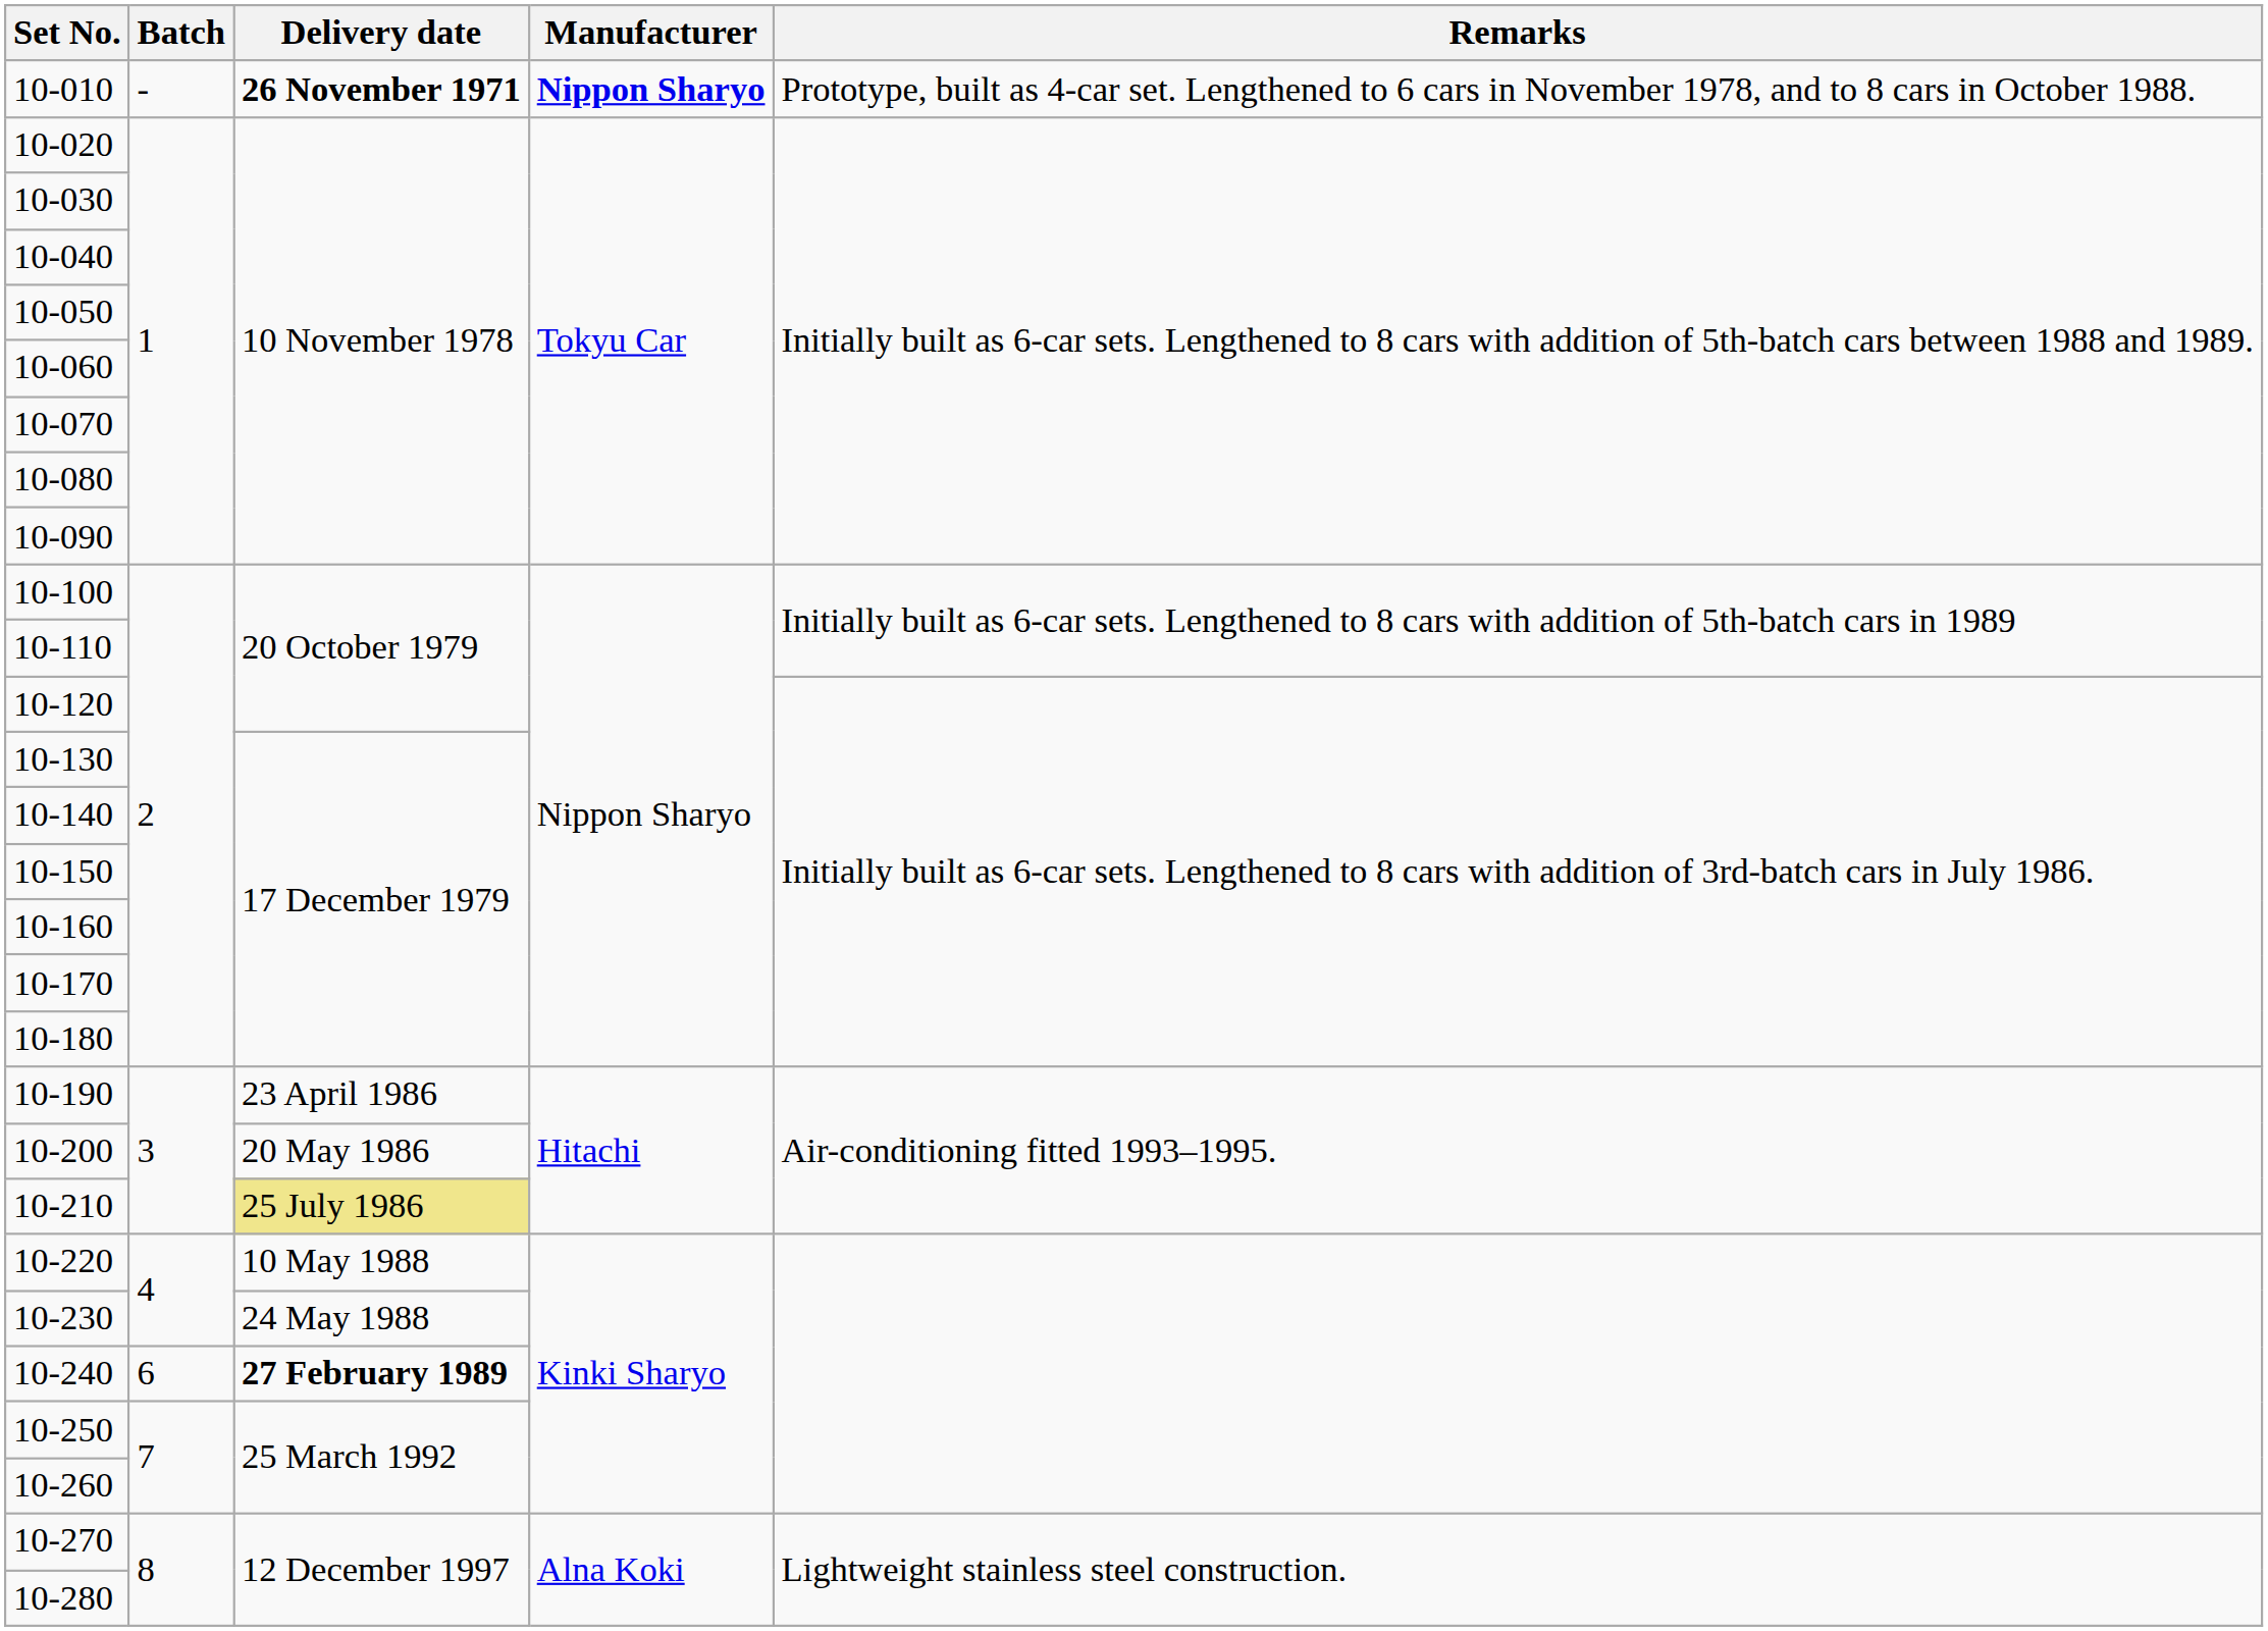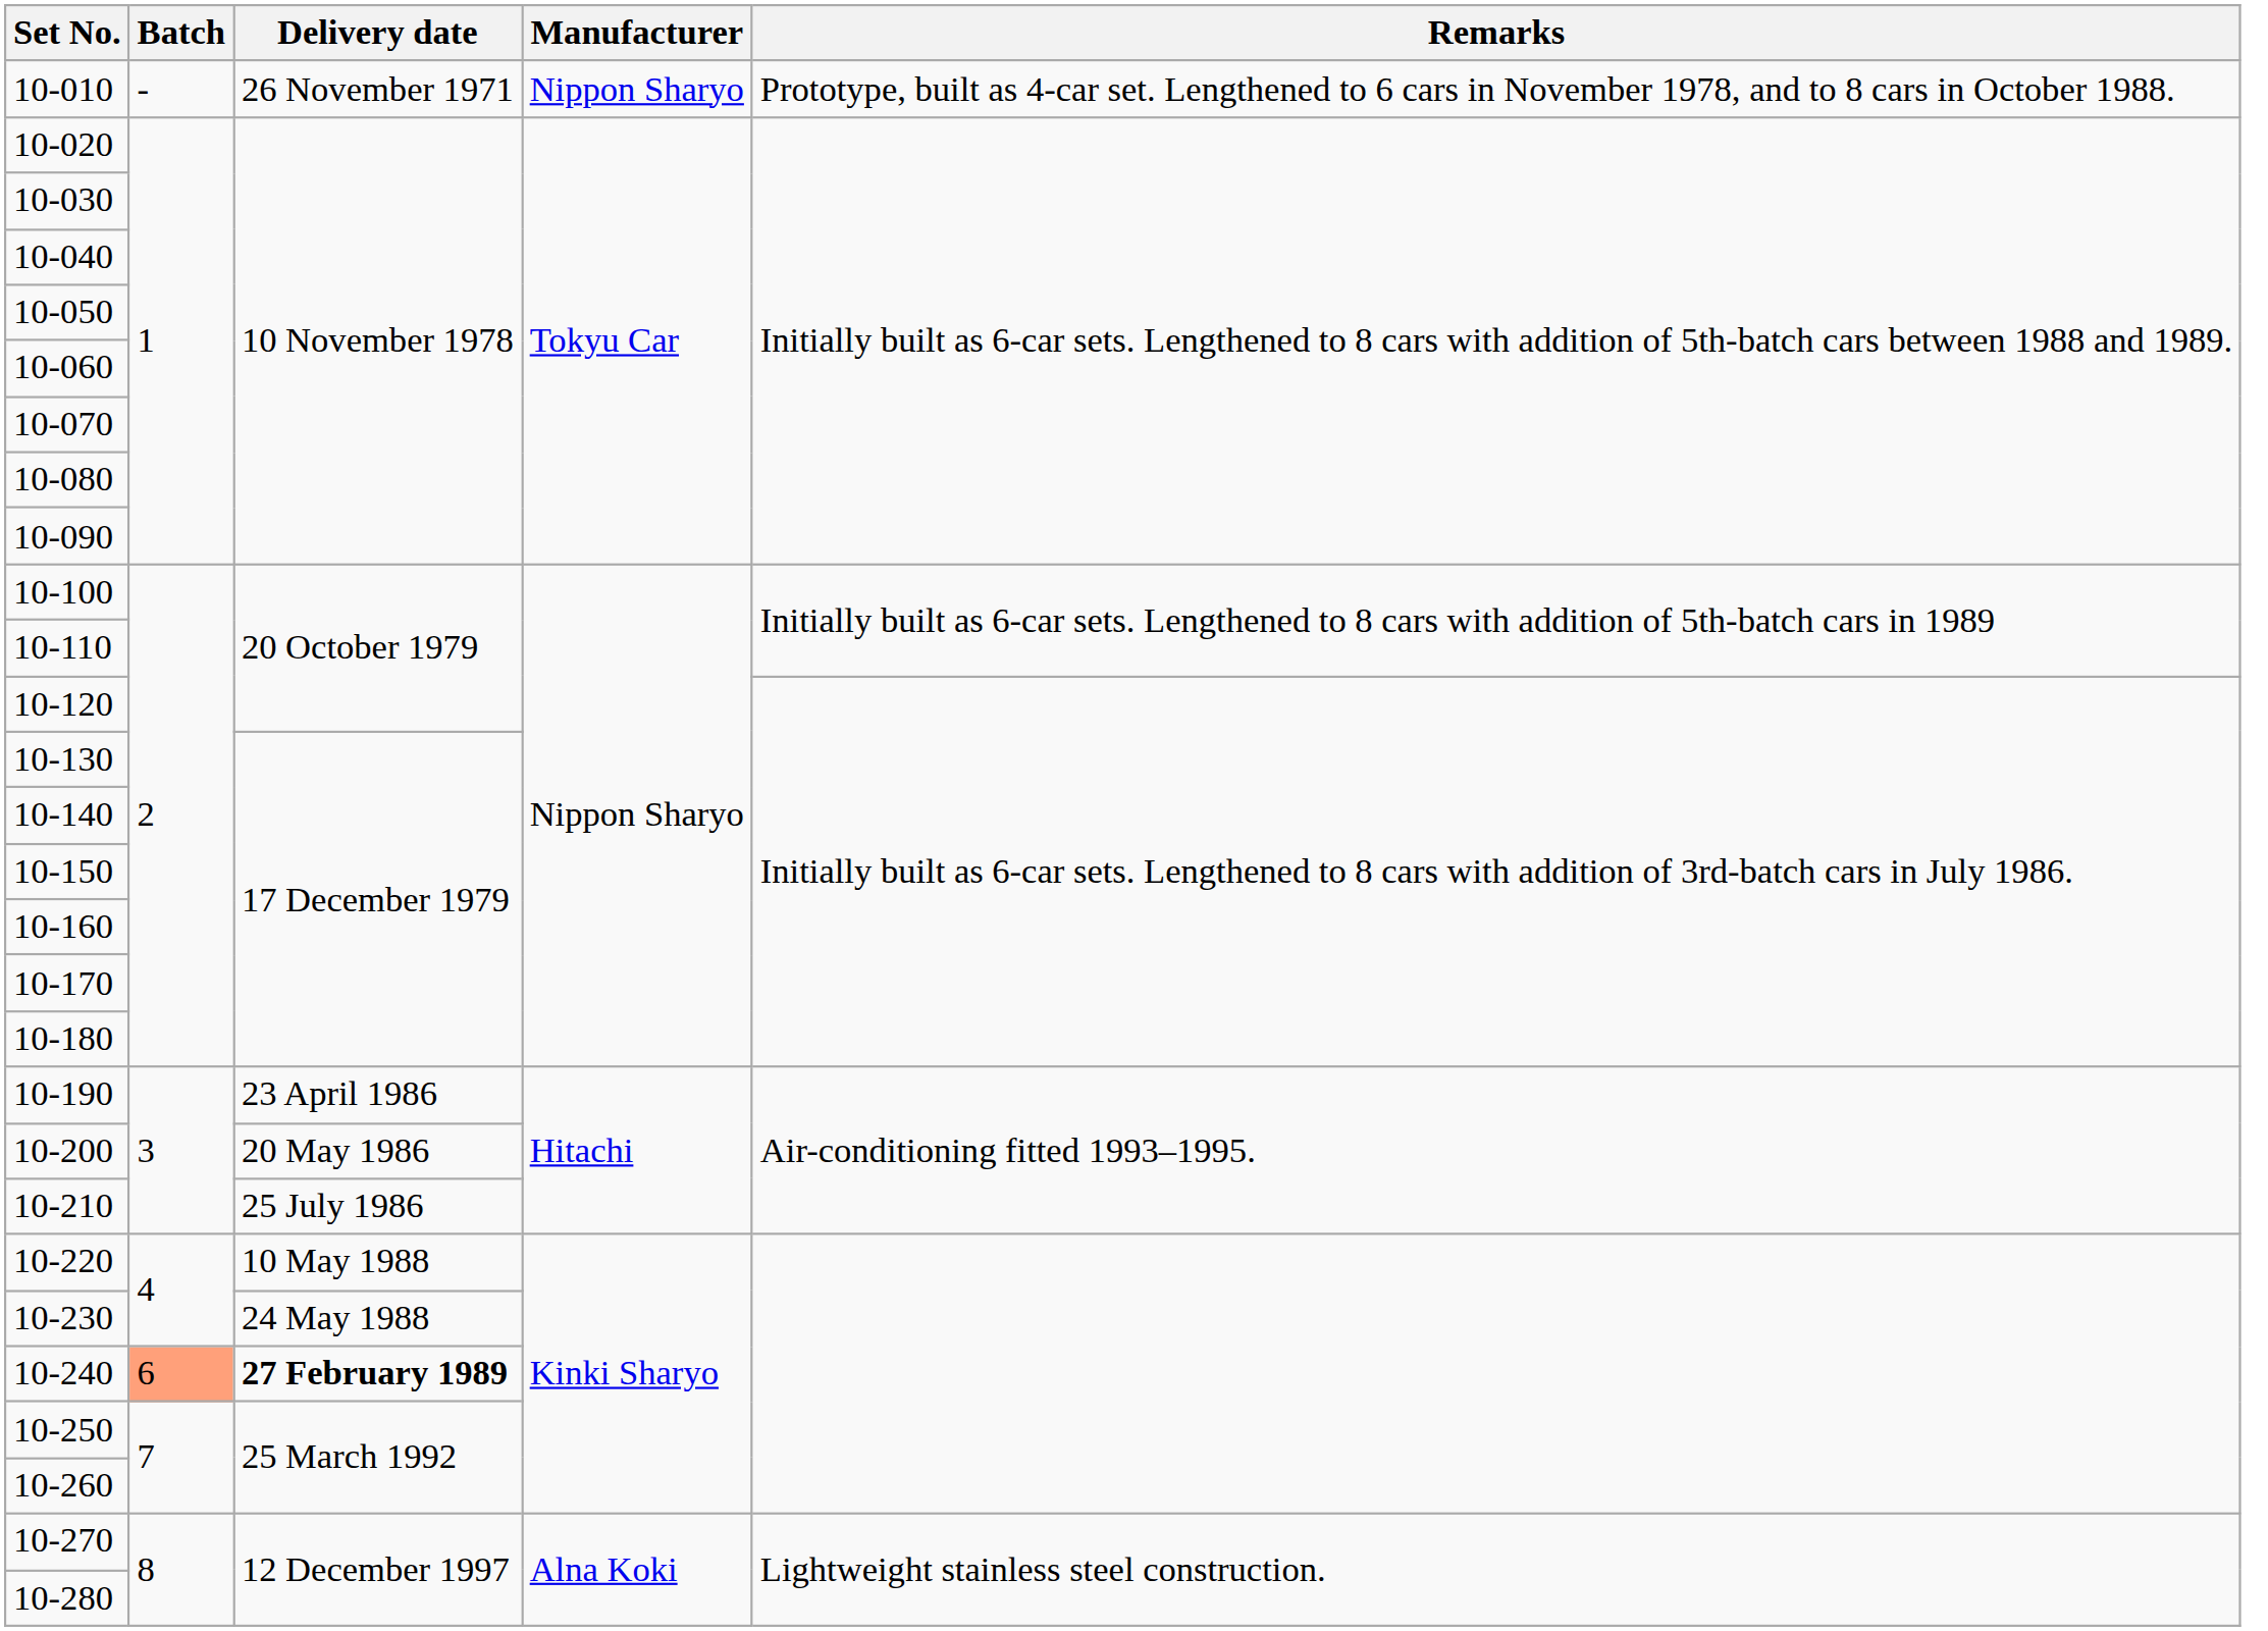 <table class="wikitable">
 <tr>
 <th>Set No.</th>
 <th>Batch</th>
 <th>Delivery date</th>
 <th>Manufacturer</th>
 <th>Remarks</th>
 </tr>
 <tr>
 <td>10-010</td>
 <td>-</td>
-<td><strong>26 November 1971</strong></td>
-<td><strong><a href='#'>Nippon Sharyo</a></strong></td>
+<td>26 November 1971</td>
+<td><a href='#'>Nippon Sharyo</a></td>
 <td>Prototype, built as 4-car set. Lengthened to 6 cars in November 1978, and to 8 cars in October 1988.</td>
 </tr>
 <tr>
 <td>10-020</td>
 <td rowspan=8>1</td>
 <td rowspan="8">10 November 1978</td>
 <td rowspan="8"><a href='#'>Tokyu Car</a></td>
 <td rowspan=8>Initially built as 6-car sets. Lengthened to 8 cars with addition of 5th-batch cars between 1988 and 1989.</td>
 </tr>
 <tr>
 <td>10-030</td>
 </tr>
 <tr>
 <td>10-040</td>
 </tr>
 <tr>
 <td>10-050</td>
 </tr>
 <tr>
 <td>10-060</td>
 </tr>
 <tr>
 <td>10-070</td>
 </tr>
 <tr>
 <td>10-080</td>
 </tr>
 <tr>
 <td>10-090</td>
 </tr>
 <tr>
 <td>10-100</td>
 <td rowspan=9>2</td>
 <td rowspan="3">20 October 1979</td>
 <td rowspan="9">Nippon Sharyo</td>
 <td rowspan=2>Initially built as 6-car sets. Lengthened to 8 cars with addition of 5th-batch cars in 1989</td>
 </tr>
 <tr>
 <td>10-110</td>
 </tr>
 <tr>
 <td>10-120</td>
 <td rowspan="7">Initially built as 6-car sets. Lengthened to 8 cars with addition of 3rd-batch cars in July 1986.</td>
 </tr>
 <tr>
 <td>10-130</td>
 <td rowspan="6">17 December 1979</td>
 </tr>
 <tr>
 <td>10-140</td>
 </tr>
 <tr>
 <td>10-150</td>
 </tr>
 <tr>
 <td>10-160</td>
 </tr>
 <tr>
 <td>10-170</td>
 </tr>
 <tr>
 <td>10-180</td>
 </tr>
 <tr>
 <td>10-190</td>
 <td rowspan=3>3</td>
 <td>23 April 1986</td>
 <td rowspan="3"><a href='#'>Hitachi</a></td>
 <td rowspan=3>Air-conditioning fitted 1993–1995.</td>
 </tr>
 <tr>
 <td>10-200</td>
 <td>20 May 1986</td>
 </tr>
 <tr>
 <td>10-210</td>
-<td style="background: khaki;">25 July 1986</td>
+<td>25 July 1986</td>
 </tr>
 <tr>
 <td>10-220</td>
 <td rowspan=2>4</td>
 <td>10 May 1988</td>
 <td rowspan="5"><a href='#'>Kinki Sharyo</a></td>
 <td rowspan="5"></td>
 </tr>
 <tr>
 <td>10-230</td>
 <td>24 May 1988</td>
 </tr>
 <tr>
 <td>10-240</td>
-<td>6</td>
+<td style="background: lightsalmon;">6</td>
 <td><strong>27 February 1989</strong></td>
 </tr>
 <tr>
 <td>10-250</td>
 <td rowspan=2>7</td>
 <td rowspan="2">25 March 1992</td>
 </tr>
 <tr>
 <td>10-260</td>
 </tr>
 <tr>
 <td>10-270</td>
 <td rowspan=2>8</td>
 <td rowspan="2">12 December 1997</td>
 <td rowspan="2"><a href='#'>Alna Koki</a></td>
 <td rowspan=2>Lightweight stainless steel construction.</td>
 </tr>
 <tr>
 <td>10-280</td>
 </tr>
 </table>
